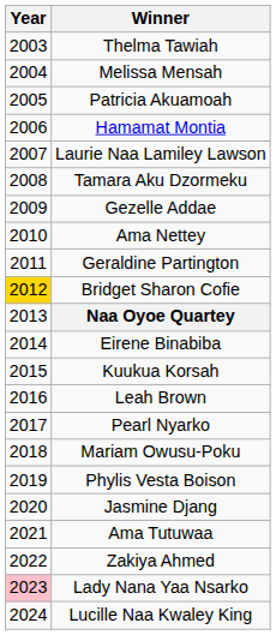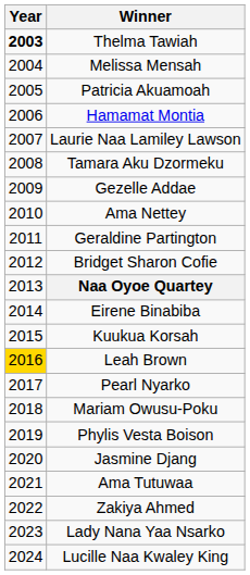 <table class="wikitable" style="text-align:center;">
 <tr>
 <th>Year</th>
 <th>Winner</th>
 </tr>
 <tr>
-<td>2003</td>
+<td><strong>2003</strong></td>
 <td>Thelma Tawiah</td>
 </tr>
 <tr>
 <td>2004</td>
 <td>Melissa Mensah</td>
 </tr>
 <tr>
 <td>2005</td>
 <td>Patricia Akuamoah</td>
 </tr>
 <tr>
 <td>2006</td>
 <td><a href='#'>Hamamat Montia</a></td>
 </tr>
 <tr>
 <td>2007</td>
 <td>Laurie Naa Lamiley Lawson</td>
 </tr>
 <tr>
 <td>2008</td>
 <td>Tamara Aku Dzormeku</td>
 </tr>
 <tr>
 <td>2009</td>
 <td>Gezelle Addae</td>
 </tr>
 <tr>
 <td>2010</td>
 <td>Ama Nettey</td>
 </tr>
 <tr>
 <td>2011</td>
 <td>Geraldine Partington</td>
 </tr>
 <tr>
-<td style="background: gold;">2012</td>
+<td>2012</td>
 <td>Bridget Sharon Cofie</td>
 </tr>
 <tr>
 <td>2013</td>
 <th>Naa Oyoe Quartey</th>
 </tr>
 <tr>
 <td>2014</td>
 <td>Eirene Binabiba</td>
 </tr>
 <tr>
 <td>2015</td>
 <td>Kuukua Korsah</td>
 </tr>
 <tr>
-<td>2016</td>
+<td style="background: gold;">2016</td>
 <td>Leah Brown</td>
 </tr>
 <tr>
 <td>2017</td>
 <td>Pearl Nyarko</td>
 </tr>
 <tr>
 <td>2018</td>
 <td>Mariam Owusu-Poku</td>
 </tr>
 <tr>
 <td>2019</td>
 <td>Phylis Vesta Boison</td>
 </tr>
 <tr>
 <td>2020</td>
 <td>Jasmine Djang</td>
 </tr>
 <tr>
 <td>2021</td>
 <td>Ama Tutuwaa</td>
 </tr>
 <tr>
 <td>2022</td>
 <td>Zakiya Ahmed</td>
 </tr>
 <tr>
-<td style="background: pink;">2023</td>
+<td>2023</td>
 <td>Lady Nana Yaa Nsarko</td>
 </tr>
 <tr>
 <td>2024</td>
 <td>Lucille Naa Kwaley King </td>
 </tr>
 </table>
